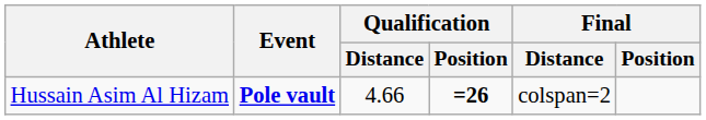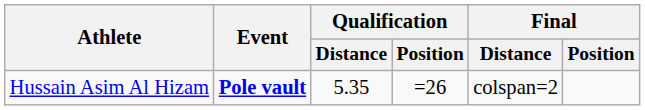 <table class=wikitable style=font-size:90%>
 <tr>
 <th rowspan=2>Athlete</th>
 <th rowspan=2>Event</th>
 <th colspan=2>Qualification</th>
 <th colspan=2>Final</th>
 </tr>
 <tr style=font-size:95%>
 <th>Distance</th>
 <th>Position</th>
 <th>Distance</th>
 <th>Position</th>
 </tr>
 <tr align=center>
 <td align=left><a href='#'>Hussain Asim Al Hizam</a></td>
 <td align=left><strong><a href='#'>Pole vault</a></strong></td>
-<td>4.66</td>
-<td><strong>=26</strong></td>
+<td>5.35</td>
+<td>=26</td>
 <td>colspan=2 </td>
 </tr>
 </table>
